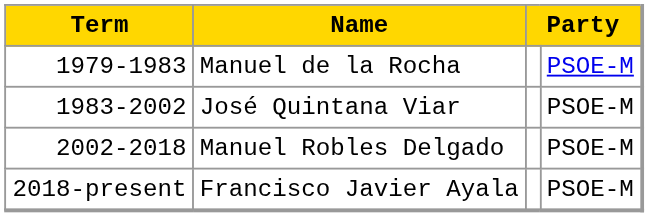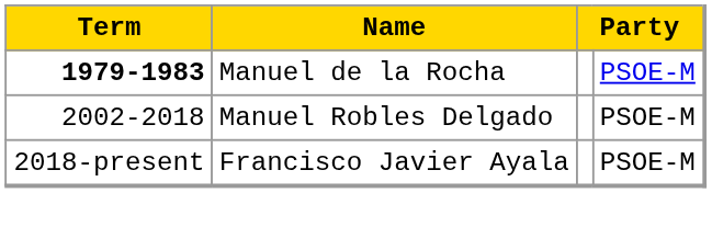 <table align="center" rules="all" cellspacing="0" cellpadding="3" style="border: 1px solid #999; border-right: 2px solid #999; border-bottom:2px solid #999">
 <tr>
 <th bgcolor="gold">Term</th>
 <th align="center" bgcolor="gold">Name</th>
 <th colspan="2" bgcolor="gold">Party</th>
 </tr>
 <tr>
-<td align="right">1979-1983</td>
+<td align="right"><strong>1979-1983</strong></td>
 <td>Manuel de la Rocha</td>
 <td width="1"></td>
 <td><a href='#'>PSOE-M</a></td>
-</tr>
-<tr>
-<td align="right">1983-2002</td>
-<td>José Quintana Viar</td>
-<td width="1"></td>
-<td>PSOE-M</td>
 </tr>
 <tr>
 <td align="right">2002-2018</td>
 <td>Manuel Robles Delgado</td>
 <td width="1"></td>
 <td>PSOE-M</td>
 </tr>
 <tr>
 <td align="right">2018-present</td>
 <td>Francisco Javier Ayala</td>
 <td width="1"></td>
 <td>PSOE-M</td>
 </tr>
 <tr>
 </tr>
 </table>
